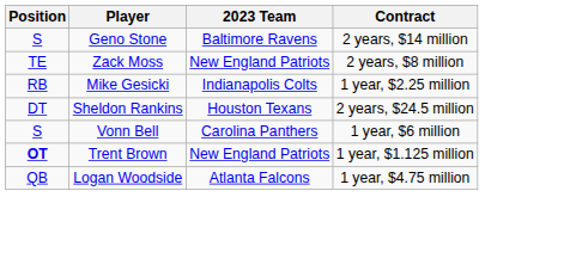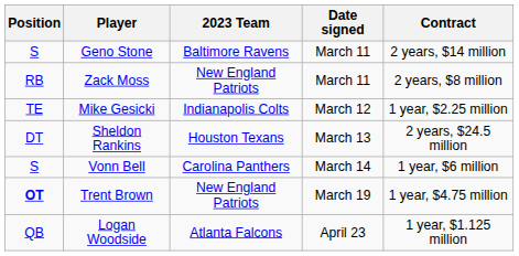 <table class="wikitable" style="text-align:center">
 <tr>
 <th>Position</th>
 <th>Player</th>
 <th>2023 Team</th>
+<th>Date signed</th>
 <th>Contract</th>
 </tr>
 <tr>
 <td><a href='#'>S</a></td>
 <td><a href='#'>Geno Stone</a></td>
 <td><a href='#'>Baltimore Ravens</a></td>
+<td>March 11</td>
 <td>2 years, $14 million</td>
 </tr>
 <tr>
-<td><a href='#'>TE</a></td>
+<td><a href='#'>RB</a></td>
 <td><a href='#'>Zack Moss</a></td>
 <td><a href='#'>New England Patriots</a></td>
+<td>March 11</td>
 <td>2 years, $8 million</td>
 </tr>
 <tr>
-<td><a href='#'>RB</a></td>
+<td><a href='#'>TE</a></td>
 <td><a href='#'>Mike Gesicki</a></td>
 <td><a href='#'>Indianapolis Colts</a></td>
+<td>March 12</td>
 <td>1 year, $2.25 million</td>
 </tr>
 <tr>
 <td><a href='#'>DT</a></td>
 <td><a href='#'>Sheldon Rankins</a></td>
 <td><a href='#'>Houston Texans</a></td>
+<td>March 13</td>
 <td>2 years, $24.5 million</td>
 </tr>
 <tr>
 <td><a href='#'>S</a></td>
 <td><a href='#'>Vonn Bell</a></td>
 <td><a href='#'> Carolina Panthers</a></td>
+<td>March 14 </td>
 <td>1 year, $6 million</td>
 </tr>
 <tr>
 <td><strong><a href='#'>OT</a></strong></td>
 <td><a href='#'>Trent Brown</a></td>
 <td><a href='#'>New England Patriots</a></td>
-<td>1 year, $1.125 million</td>
+<td>March 19</td>
+<td>1 year, $4.75 million</td>
 </tr>
 <tr>
 <td><a href='#'>QB</a></td>
 <td><a href='#'>Logan Woodside</a></td>
 <td><a href='#'>Atlanta Falcons</a></td>
-<td>1 year, $4.75 million</td>
+<td>April 23</td>
+<td>1 year, $1.125 million</td>
 </tr>
 </table>
